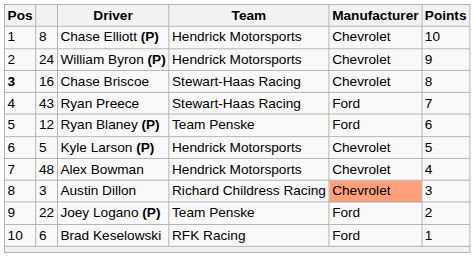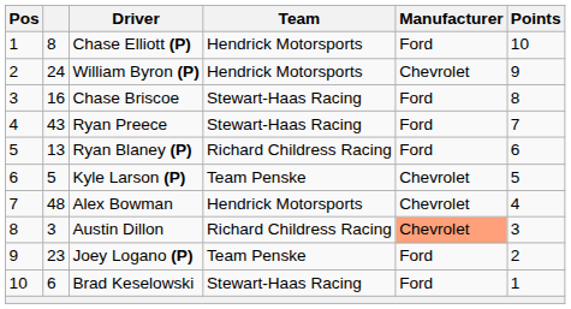 <table class="wikitable" style="font-size:98%">
 <tr>
 <th>Pos</th>
 <th></th>
 <th>Driver</th>
 <th>Team</th>
 <th>Manufacturer</th>
 <th>Points</th>
 </tr>
 <tr>
 <td>1</td>
 <td>8</td>
 <td>Chase Elliott <strong>(P)</strong></td>
 <td>Hendrick Motorsports</td>
-<td>Chevrolet</td>
+<td>Ford</td>
 <td>10</td>
 </tr>
 <tr>
 <td>2</td>
 <td>24</td>
 <td>William Byron <strong>(P)</strong></td>
 <td>Hendrick Motorsports</td>
 <td>Chevrolet</td>
 <td>9</td>
 </tr>
 <tr>
-<td><strong>3</strong></td>
+<td>3</td>
 <td>16</td>
 <td>Chase Briscoe</td>
 <td>Stewart-Haas Racing</td>
-<td>Chevrolet</td>
+<td>Ford</td>
 <td>8</td>
 </tr>
 <tr>
 <td>4</td>
 <td>43</td>
 <td>Ryan Preece</td>
 <td>Stewart-Haas Racing</td>
 <td>Ford</td>
 <td>7</td>
 </tr>
 <tr>
 <td>5</td>
-<td>12</td>
+<td>13</td>
 <td>Ryan Blaney <strong>(P)</strong></td>
-<td>Team Penske</td>
+<td>Richard Childress Racing</td>
 <td>Ford</td>
 <td>6</td>
 </tr>
 <tr>
 <td>6</td>
 <td>5</td>
 <td>Kyle Larson <strong>(P)</strong></td>
-<td>Hendrick Motorsports</td>
+<td>Team Penske</td>
 <td>Chevrolet</td>
 <td>5</td>
 </tr>
 <tr>
 <td>7</td>
 <td>48</td>
 <td>Alex Bowman</td>
 <td>Hendrick Motorsports</td>
 <td>Chevrolet</td>
 <td>4</td>
 </tr>
 <tr>
 <td>8</td>
 <td>3</td>
 <td>Austin Dillon</td>
 <td>Richard Childress Racing</td>
 <td style="background: lightsalmon;">Chevrolet</td>
 <td>3</td>
 </tr>
 <tr>
 <td>9</td>
-<td>22</td>
+<td>23</td>
 <td>Joey Logano <strong>(P)</strong></td>
 <td>Team Penske</td>
 <td>Ford</td>
 <td>2</td>
 </tr>
 <tr>
 <td>10</td>
 <td>6</td>
 <td>Brad Keselowski</td>
-<td>RFK Racing</td>
+<td>Stewart-Haas Racing</td>
 <td>Ford</td>
 <td>1</td>
 </tr>
 <tr>
 <th colspan="6"></th>
 </tr>
 </table>
